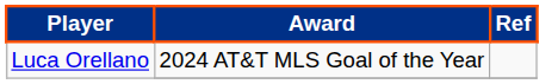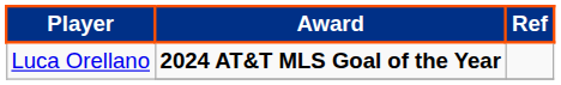 <table class=wikitable>
 <tr>
 <th style="background:#003087; color:#FFFFFF; border:2px solid #FE5000;" scope="col">Player</th>
 <th style="background:#003087; color:#FFFFFF; border:2px solid #FE5000;" scope="col">Award</th>
 <th style="background:#003087; color:#FFFFFF; border:2px solid #FE5000;" scope="col">Ref</th>
 </tr>
 <tr>
 <td align=left rowspan="3"> <a href='#'>Luca Orellano</a></td>
-<td>2024 AT&T MLS Goal of the Year</td>
+<td><strong>2024 AT&T MLS Goal of the Year</strong></td>
 <td></td>
 </tr>
 <tr>
 </tr>
 </table>
